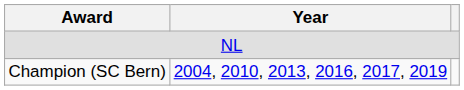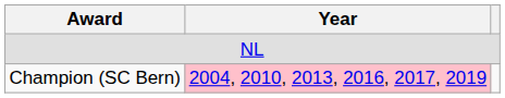 <table class="wikitable">
 <tr>
 <th>Award</th>
 <th>Year</th>
 <th></th>
 </tr>
 <tr ALIGN="center" bgcolor="#e0e0e0">
 <td colspan="3"><a href='#'>NL</a></td>
 </tr>
 <tr>
 <td>Champion (SC Bern)</td>
-<td><a href='#'>2004</a>, <a href='#'>2010</a>, <a href='#'>2013</a>, <a href='#'>2016</a>, <a href='#'>2017</a>, <a href='#'>2019</a></td>
+<td style="background: pink;"><a href='#'>2004</a>, <a href='#'>2010</a>, <a href='#'>2013</a>, <a href='#'>2016</a>, <a href='#'>2017</a>, <a href='#'>2019</a></td>
 <td></td>
 </tr>
 </table>
